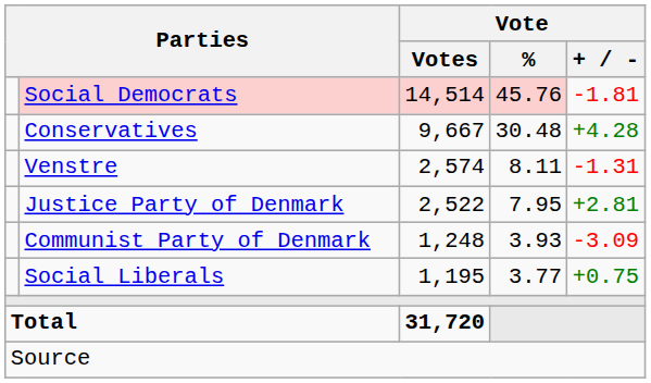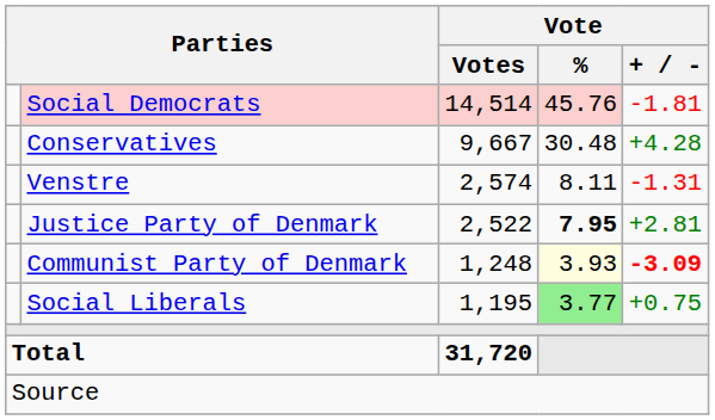 <table class="wikitable" style="text-align:right;">
 <tr>
 <th style="text-align:centre;" rowspan="2" colspan="2" width="225">Parties</th>
 <th colspan="3">Vote</th>
 </tr>
 <tr>
 <th width="15">Votes</th>
 <th width="15">%</th>
 <th width="15">+ / -</th>
 </tr>
 <tr>
 <td width="2" style="color:inherit;background:"></td>
 <td bgcolor=#fbd0ce  align="left"><a href='#'>Social Democrats</a></td>
 <td bgcolor=#fbd0ce>14,514</td>
 <td bgcolor=#fbd0ce>45.76</td>
 <td style=color:red;>-1.81</td>
 </tr>
 <tr>
 <td width="2" style="color:inherit;background:"></td>
 <td align="left"><a href='#'>Conservatives</a></td>
 <td>9,667</td>
 <td>30.48</td>
 <td style=color:green;>+4.28</td>
 </tr>
 <tr>
 <td width="2" style="color:inherit;background:"></td>
 <td align="left"><a href='#'>Venstre</a></td>
 <td>2,574</td>
 <td>8.11</td>
 <td style=color:red;>-1.31</td>
 </tr>
 <tr>
 <td width="2" style="color:inherit;background:"></td>
 <td align="left"><a href='#'>Justice Party of Denmark</a></td>
 <td>2,522</td>
-<td>7.95</td>
+<td><strong>7.95</strong></td>
 <td style=color:green;>+2.81</td>
 </tr>
 <tr>
 <td width="2" style="color:inherit;background:"></td>
 <td align="left"><a href='#'>Communist Party of Denmark</a></td>
 <td>1,248</td>
-<td>3.93</td>
-<td style=color:red;>-3.09</td>
+<td style="background: lightyellow;">3.93</td>
+<td style=color:red;><strong>-3.09</strong></td>
 </tr>
 <tr>
 <td width="2" style="color:inherit;background:"></td>
 <td align="left"><a href='#'>Social Liberals</a></td>
 <td>1,195</td>
-<td>3.77</td>
+<td style="background: lightgreen;">3.77</td>
 <td style=color:green;>+0.75</td>
 </tr>
 <tr>
 <td colspan="7" bgcolor="#E9E9E9"></td>
 </tr>
 <tr>
 <td align="left" colspan="2"><strong>Total</strong></td>
 <td><strong>31,720</strong></td>
 <td bgcolor="#E9E9E9" colspan="2"></td>
 </tr>
 <tr>
 <td align="left" colspan="6">Source</td>
 </tr>
 </table>
